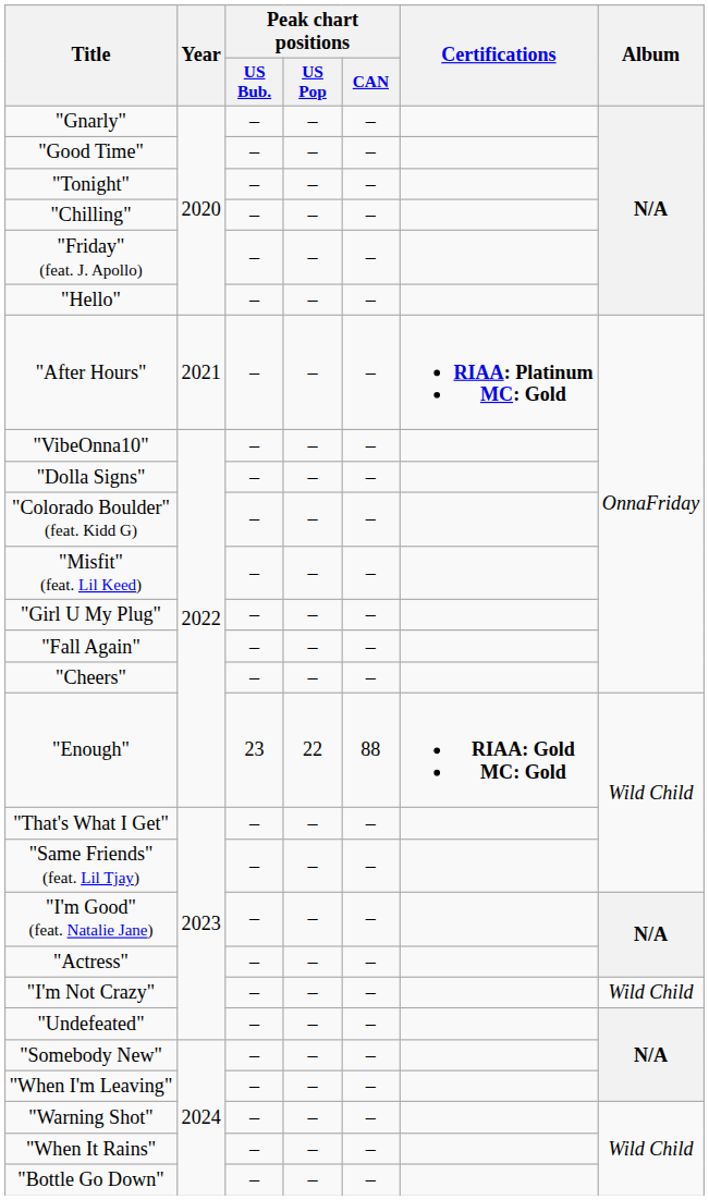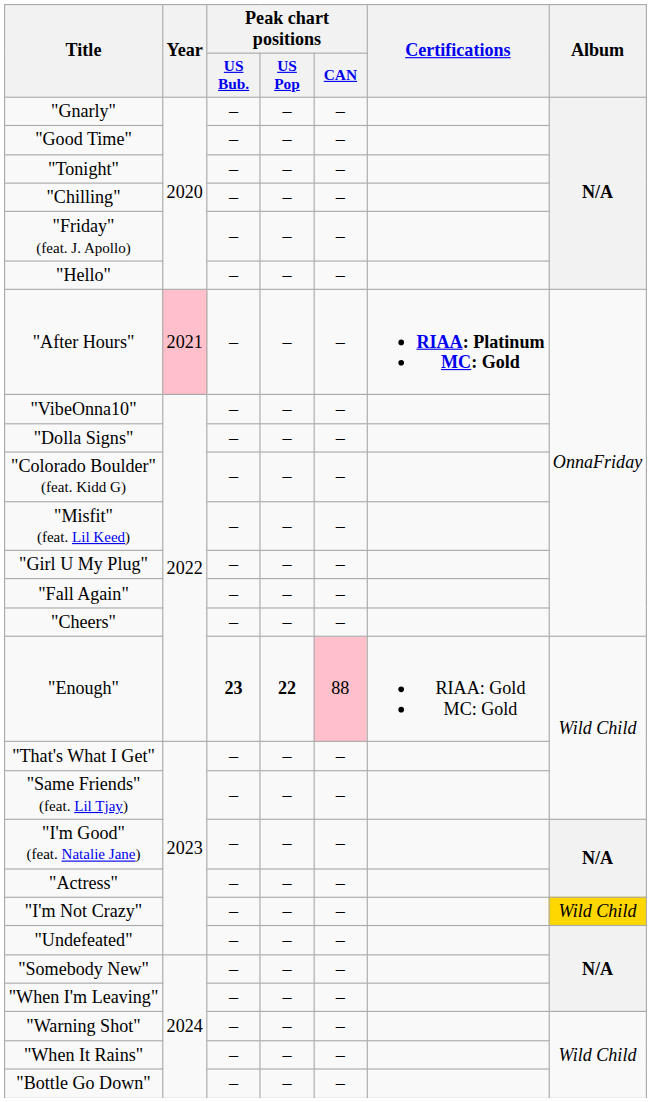 <table class="wikitable plainrowheaders" style="text-align:center;">
 <tr>
 <th scope="col" rowspan="2">Title</th>
 <th scope="col" rowspan="2">Year</th>
 <th scope="col" colspan="3">Peak chart positions</th>
 <th rowspan="2"><a href='#'>Certifications</a></th>
 <th rowspan="2">Album</th>
 </tr>
 <tr>
 <th scope="col" style="width:3em;font-size:85%"><a href='#'>US<br>Bub.</a><br></th>
 <th scope="col" style="width:3em;font-size:85%"><a href='#'>US<br>Pop</a><br></th>
 <th scope="col" style="width:3em;font-size:85%"><a href='#'>CAN</a><br></th>
 </tr>
 <tr>
 <td>"Gnarly"</td>
 <td rowspan="6">2020</td>
 <td>–</td>
 <td>–</td>
 <td>–</td>
 <td></td>
 <th rowspan="6">N/A</th>
 </tr>
 <tr>
 <td>"Good Time"</td>
 <td>–</td>
 <td>–</td>
 <td>–</td>
 <td></td>
 </tr>
 <tr>
 <td>"Tonight"</td>
 <td>–</td>
 <td>–</td>
 <td>–</td>
 <td></td>
 </tr>
 <tr>
 <td>"Chilling"</td>
 <td>–</td>
 <td>–</td>
 <td>–</td>
 <td></td>
 </tr>
 <tr>
 <td>"Friday"<br><small>(feat. J. Apollo)</small></td>
 <td>–</td>
 <td>–</td>
 <td>–</td>
 <td></td>
 </tr>
 <tr>
 <td>"Hello"</td>
 <td>–</td>
 <td>–</td>
 <td>–</td>
 <td></td>
 </tr>
 <tr>
 <td>"After Hours"</td>
-<td>2021</td>
+<td style="background: pink;">2021</td>
 <td>–</td>
 <td>–</td>
 <td>–</td>
 <td><strong><br><ul><li><a href='#'>RIAA</a>: Platinum</li><li><a href='#'>MC</a>: Gold</li></ul></strong></td>
 <td rowspan="8"><em>OnnaFriday</em></td>
 </tr>
 <tr>
 <td>"VibeOnna10"</td>
 <td rowspan="8">2022</td>
 <td>–</td>
 <td>–</td>
 <td>–</td>
 <td></td>
 </tr>
 <tr>
 <td>"Dolla Signs"</td>
 <td>–</td>
 <td>–</td>
 <td>–</td>
 <td></td>
 </tr>
 <tr>
 <td>"Colorado Boulder"<br><small>(feat. Kidd G)</small></td>
 <td>–</td>
 <td>–</td>
 <td>–</td>
 <td></td>
 </tr>
 <tr>
 <td>"Misfit"<br><small>(feat. <a href='#'>Lil Keed</a>)</small></td>
 <td>–</td>
 <td>–</td>
 <td>–</td>
 <td></td>
 </tr>
 <tr>
 <td>"Girl U My Plug"</td>
 <td>–</td>
 <td>–</td>
 <td>–</td>
 <td></td>
 </tr>
 <tr>
 <td>"Fall Again"</td>
 <td>–</td>
 <td>–</td>
 <td>–</td>
 <td></td>
 </tr>
 <tr>
 <td>"Cheers"</td>
 <td>–</td>
 <td>–</td>
 <td>–</td>
 <td></td>
 </tr>
 <tr>
 <td scope="row">"Enough"</td>
-<td>23</td>
-<td>22</td>
-<td>88</td>
-<td><strong><br><ul><li>RIAA: Gold</li><li>MC: Gold</li></ul></strong></td>
+<td><strong>23</strong></td>
+<td><strong>22</strong></td>
+<td style="background: pink;">88</td>
+<td><br><ul><li>RIAA: Gold</li><li>MC: Gold</li></ul></td>
 <td rowspan="3"><em>Wild Child</em></td>
 </tr>
 <tr>
 <td>"That's What I Get"</td>
 <td rowspan="6">2023</td>
 <td>–</td>
 <td>–</td>
 <td>–</td>
 <td></td>
 </tr>
 <tr>
 <td>"Same Friends"<br><small>(feat. <a href='#'>Lil Tjay</a>)</small></td>
 <td>–</td>
 <td>–</td>
 <td>–</td>
 <td></td>
 </tr>
 <tr>
 <td>"I'm Good"<br><small>(feat. <a href='#'>Natalie Jane</a>)</small></td>
 <td>–</td>
 <td>–</td>
 <td>–</td>
 <td></td>
 <th rowspan="2">N/A</th>
 </tr>
 <tr>
 <td>"Actress"</td>
 <td>–</td>
 <td>–</td>
 <td>–</td>
 <td></td>
 </tr>
 <tr>
 <td>"I'm Not Crazy"</td>
 <td>–</td>
 <td>–</td>
 <td>–</td>
 <td></td>
-<td><em>Wild Child</em></td>
+<td style="background: gold;"><em>Wild Child</em></td>
 </tr>
 <tr>
 <td>"Undefeated"</td>
 <td>–</td>
 <td>–</td>
 <td>–</td>
 <td></td>
 <th rowspan="3">N/A</th>
 </tr>
 <tr>
 <td>"Somebody New"</td>
 <td rowspan="5">2024</td>
 <td>–</td>
 <td>–</td>
 <td>–</td>
 <td></td>
 </tr>
 <tr>
 <td>"When I'm Leaving"</td>
 <td>–</td>
 <td>–</td>
 <td>–</td>
 <td></td>
 </tr>
 <tr>
 <td>"Warning Shot"</td>
 <td>–</td>
 <td>–</td>
 <td>–</td>
 <td></td>
 <td rowspan="3"><em>Wild Child</em></td>
 </tr>
 <tr>
 <td>"When It Rains"</td>
 <td>–</td>
 <td>–</td>
 <td>–</td>
 <td></td>
 </tr>
 <tr>
 <td>"Bottle Go Down"</td>
 <td>–</td>
 <td>–</td>
 <td>–</td>
 <td></td>
 </tr>
 </table>
